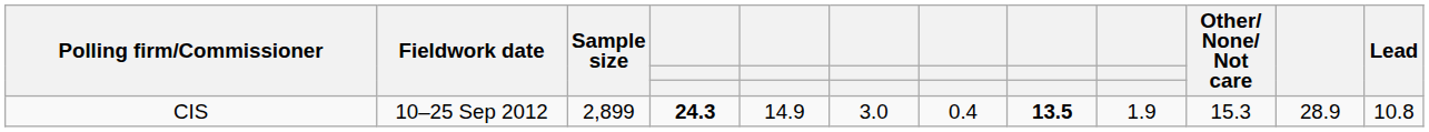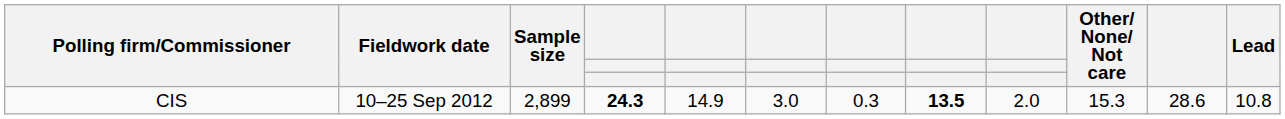 <table class="wikitable collapsible collapsed" style="text-align:center; font-size:90%; line-height:14px;">
 <tr style="height:42px;">
 <th style="width:250px;" rowspan="3">Polling firm/Commissioner</th>
 <th style="width:125px;" rowspan="3">Fieldwork date</th>
 <th style="width:50px;" rowspan="3">Sample size</th>
 <th style="width:55px;"></th>
 <th style="width:55px;"></th>
 <th style="width:55px;"></th>
 <th style="width:55px;"></th>
 <th style="width:55px;"></th>
 <th style="width:55px;"></th>
 <th style="width:55px;" rowspan="3">Other/<br>None/<br>Not<br>care</th>
 <th style="width:55px;" rowspan="3"></th>
 <th style="width:30px;" rowspan="3">Lead</th>
 </tr>
 <tr>
 <th style="color:inherit;background:"></th>
 <th style="color:inherit;background:"></th>
 <th style="color:inherit;background:"></th>
 <th style="color:inherit;background:"></th>
 <th style="color:inherit;background:"></th>
 <th style="color:inherit;background:"></th>
 </tr>
 <tr>
 <th></th>
 <th></th>
 <th></th>
 <th></th>
 <th></th>
 <th></th>
 </tr>
 <tr>
 <td>CIS</td>
 <td>10–25 Sep 2012</td>
 <td>2,899</td>
 <td><strong>24.3</strong></td>
 <td>14.9</td>
 <td>3.0</td>
-<td>0.4</td>
+<td>0.3</td>
 <td><strong>13.5</strong></td>
-<td>1.9</td>
+<td>2.0</td>
 <td>15.3</td>
-<td>28.9</td>
+<td>28.6</td>
 <td style="background:">10.8</td>
 </tr>
 </table>
